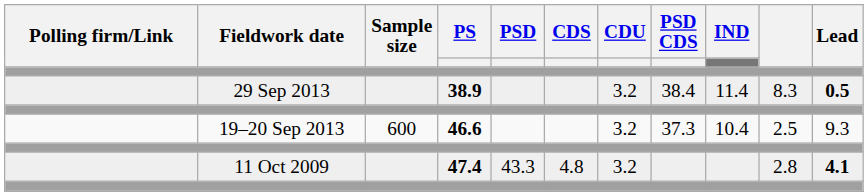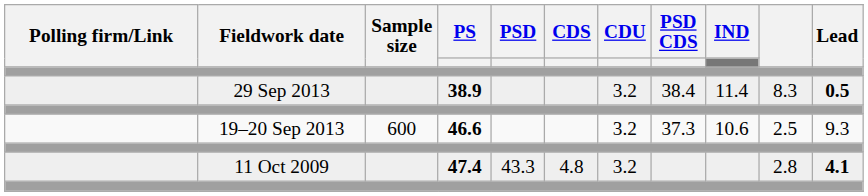 <table class="wikitable collapsible sortable" style="text-align:center; font-size:95%; line-height:16px;">
 <tr style="height:42px;">
 <th style="width:145px;" rowspan="2">Polling firm/Link</th>
 <th style="width:125px;" rowspan="2">Fieldwork date</th>
 <th class="unsortable" style="width:50px;" rowspan="2">Sample size</th>
 <th class="unsortable" style="width:35px;"><a href='#'>PS</a></th>
 <th class="unsortable" style="width:35px;"><a href='#'>PSD</a></th>
 <th class="unsortable" style="width:35px;"><a href='#'>CDS</a></th>
 <th class="unsortable" style="width:35px;"><a href='#'>CDU</a></th>
 <th class="unsortable" style="width:35px;"><a href='#'>PSD</a><br><a href='#'>CDS</a></th>
 <th class="unsortable" style="width:35px;"><a href='#'>IND</a></th>
 <th class="unsortable" style="width:35px;" rowspan="2"></th>
 <th class="unsortable" style="width:30px;" rowspan="2">Lead</th>
 </tr>
 <tr>
 <th class="unsortable" style="color:inherit;background:"></th>
 <th class="unsortable" style="color:inherit;background:"></th>
 <th class="unsortable" style="color:inherit;background:"></th>
 <th class="unsortable" style="color:inherit;background:"></th>
 <th class="unsortable" style="color:inherit;background:"></th>
 <th class="unsortable" style="color:inherit;background:#777777;"></th>
 </tr>
 <tr>
 <td colspan="13" style="background:#A0A0A0"></td>
 </tr>
 <tr style="background:#EFEFEF;">
 <td><strong></strong></td>
 <td data-sort-value="2019-10-06">29 Sep 2013</td>
 <td></td>
 <td><strong>38.9</strong><br></td>
 <td></td>
 <td></td>
 <td>3.2<br></td>
 <td>38.4<br></td>
 <td>11.4<br></td>
 <td>8.3</td>
 <td style="background:"><strong>0.5</strong></td>
 </tr>
 <tr>
 <td colspan="13" style="background:#A0A0A0"></td>
 </tr>
 <tr>
 <td align="center"></td>
 <td align="center">19–20 Sep 2013</td>
 <td>600</td>
 <td align="center" ><strong>46.6</strong></td>
 <td></td>
 <td></td>
 <td align="center">3.2</td>
 <td align="center">37.3</td>
-<td align="center">10.4</td>
+<td align="center">10.6</td>
 <td align="center">2.5</td>
 <td style="background:">9.3</td>
 </tr>
 <tr>
 <td colspan="13" style="background:#A0A0A0"></td>
 </tr>
 <tr style="background:#EFEFEF;">
 <td><strong></strong></td>
 <td data-sort-value="2019-10-06">11 Oct 2009</td>
 <td></td>
 <td><strong>47.4</strong><br></td>
 <td>43.3<br></td>
 <td>4.8<br></td>
 <td>3.2<br></td>
 <td></td>
 <td></td>
 <td>2.8</td>
 <td style="background:"><strong>4.1</strong></td>
 </tr>
 <tr>
 <td colspan="13" style="background:#A0A0A0"></td>
 </tr>
 <tr>
 </tr>
 </table>
